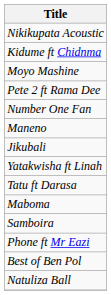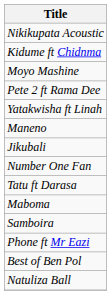 <table class="wikitable">
 <tr>
 <th>Title</th>
 </tr>
 <tr>
 <td><em>Nikikupata Acoustic</em></td>
 </tr>
 <tr>
 <td><em>Kidume ft <a href='#'>Chidnma</a></em></td>
 </tr>
 <tr>
 <td><em>Moyo Mashine</em></td>
 </tr>
 <tr>
 <td><em>Pete 2 ft Rama Dee</em></td>
 </tr>
 <tr>
-<td><em>Number One Fan</em></td>
+<td><em>Yatakwisha ft Linah</em></td>
 </tr>
 <tr>
 <td><em>Maneno</em></td>
 </tr>
 <tr>
 <td><em>Jikubali</em></td>
 </tr>
 <tr>
-<td><em>Yatakwisha ft Linah</em></td>
+<td><em>Number One Fan</em></td>
 </tr>
 <tr>
 <td><em>Tatu ft Darasa</em></td>
 </tr>
 <tr>
 <td><em>Maboma</em></td>
 </tr>
 <tr>
 <td><em>Samboira</em></td>
 </tr>
 <tr>
 <td><em>Phone ft <a href='#'>Mr Eazi</a></em></td>
 </tr>
 <tr>
 <td><em>Best of Ben Pol</em></td>
 </tr>
 <tr>
 <td><em>Natuliza Ball</em></td>
 </tr>
 <tr>
 </tr>
 </table>
